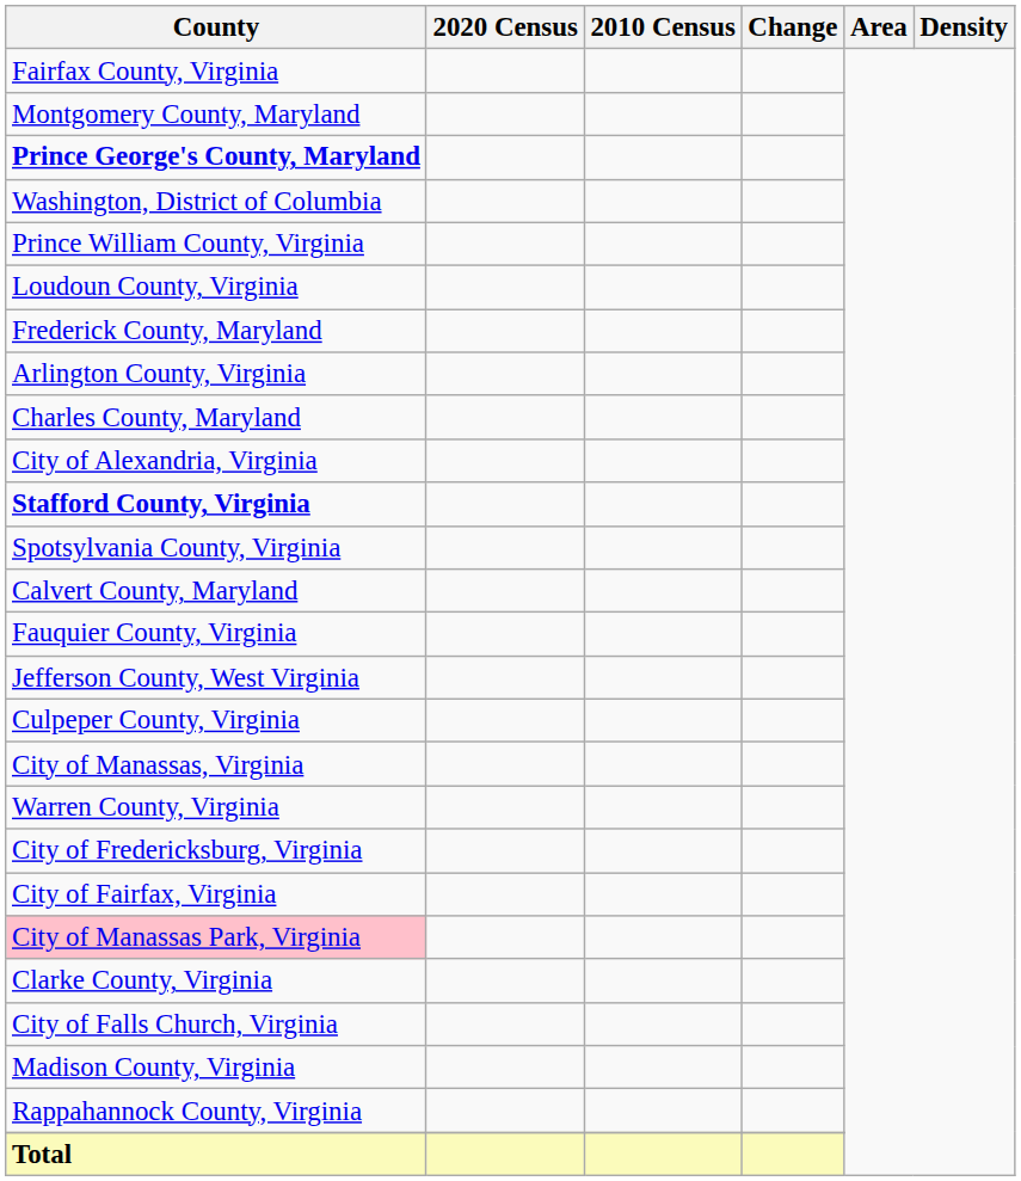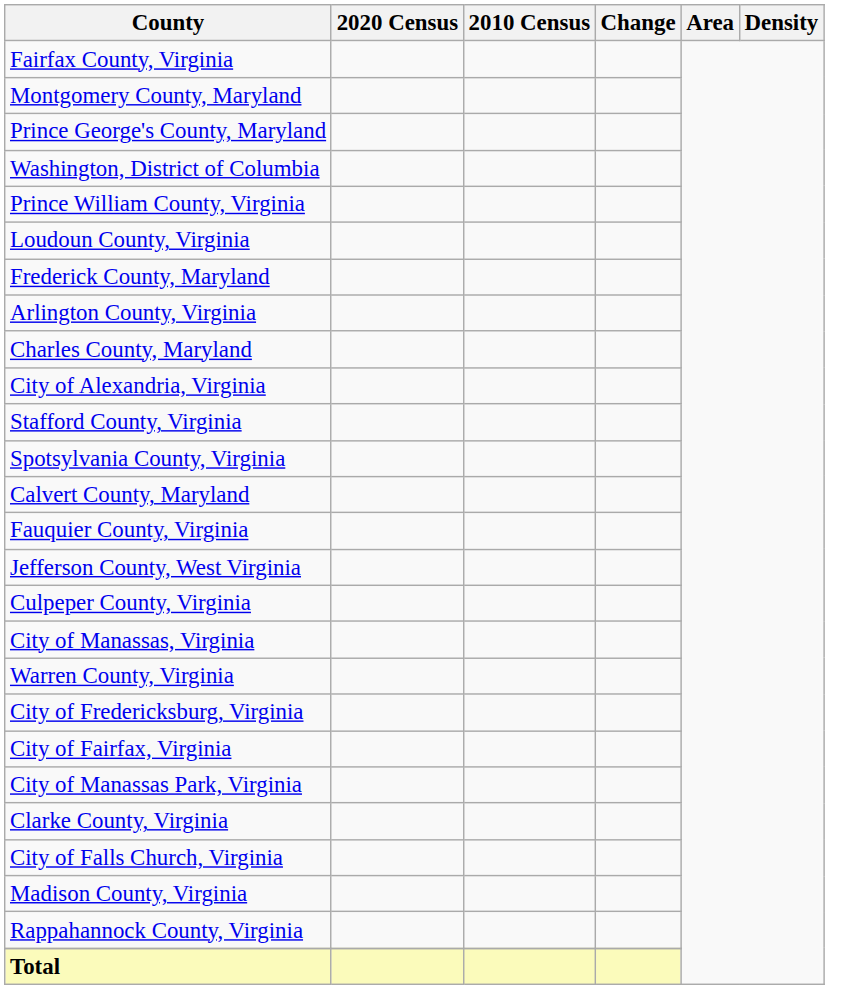 <table class="wikitable sortable">
 <tr>
 <th data-sort-type="text">County</th>
 <th data-sort-type="number">2020 Census</th>
 <th data-sort-type="number">2010 Census</th>
 <th data-sort-type="number">Change</th>
 <th data-sort-type="number">Area</th>
 <th data-sort-type="number">Density</th>
 </tr>
 <tr>
 <td><a href='#'>Fairfax County, Virginia</a></td>
 <td></td>
 <td></td>
 <td></td>
 </tr>
 <tr>
 <td><a href='#'>Montgomery County, Maryland</a></td>
 <td></td>
 <td></td>
 <td></td>
 </tr>
 <tr>
-<td><strong><a href='#'>Prince George's County, Maryland</a></strong></td>
+<td><a href='#'>Prince George's County, Maryland</a></td>
 <td></td>
 <td></td>
 <td></td>
 </tr>
 <tr>
 <td><a href='#'>Washington, District of Columbia</a></td>
 <td></td>
 <td></td>
 <td></td>
 </tr>
 <tr>
 <td><a href='#'>Prince William County, Virginia</a></td>
 <td></td>
 <td></td>
 <td></td>
 </tr>
 <tr>
 <td><a href='#'>Loudoun County, Virginia</a></td>
 <td></td>
 <td></td>
 <td></td>
 </tr>
 <tr>
 <td><a href='#'>Frederick County, Maryland</a></td>
 <td></td>
 <td></td>
 <td></td>
 </tr>
 <tr>
 <td><a href='#'>Arlington County, Virginia</a></td>
 <td></td>
 <td></td>
 <td></td>
 </tr>
 <tr>
 <td><a href='#'>Charles County, Maryland</a></td>
 <td></td>
 <td></td>
 <td></td>
 </tr>
 <tr>
 <td><a href='#'>City of Alexandria, Virginia</a></td>
 <td></td>
 <td></td>
 <td></td>
 </tr>
 <tr>
-<td><strong><a href='#'>Stafford County, Virginia</a></strong></td>
+<td><a href='#'>Stafford County, Virginia</a></td>
 <td></td>
 <td></td>
 <td></td>
 </tr>
 <tr>
 <td><a href='#'>Spotsylvania County, Virginia</a></td>
 <td></td>
 <td></td>
 <td></td>
 </tr>
 <tr>
 <td><a href='#'>Calvert County, Maryland</a></td>
 <td></td>
 <td></td>
 <td></td>
 </tr>
 <tr>
 <td><a href='#'>Fauquier County, Virginia</a></td>
 <td></td>
 <td></td>
 <td></td>
 </tr>
 <tr>
 <td><a href='#'>Jefferson County, West Virginia</a></td>
 <td></td>
 <td></td>
 <td></td>
 </tr>
 <tr>
 <td><a href='#'>Culpeper County, Virginia</a></td>
 <td></td>
 <td></td>
 <td></td>
 </tr>
 <tr>
 <td><a href='#'>City of Manassas, Virginia</a></td>
 <td></td>
 <td></td>
 <td></td>
 </tr>
 <tr>
 <td><a href='#'>Warren County, Virginia</a></td>
 <td></td>
 <td></td>
 <td></td>
 </tr>
 <tr>
 <td><a href='#'>City of Fredericksburg, Virginia</a></td>
 <td></td>
 <td></td>
 <td></td>
 </tr>
 <tr>
 <td><a href='#'>City of Fairfax, Virginia</a></td>
 <td></td>
 <td></td>
 <td></td>
 </tr>
 <tr>
-<td style="background: pink;"><a href='#'>City of Manassas Park, Virginia</a></td>
+<td><a href='#'>City of Manassas Park, Virginia</a></td>
 <td></td>
 <td></td>
 <td></td>
 </tr>
 <tr>
 <td><a href='#'>Clarke County, Virginia</a></td>
 <td></td>
 <td></td>
 <td></td>
 </tr>
 <tr>
 <td><a href='#'>City of Falls Church, Virginia</a></td>
 <td></td>
 <td></td>
 <td></td>
 </tr>
 <tr>
 <td><a href='#'>Madison County, Virginia</a></td>
 <td></td>
 <td></td>
 <td></td>
 </tr>
 <tr>
 <td><a href='#'>Rappahannock County, Virginia</a></td>
 <td></td>
 <td></td>
 <td></td>
 </tr>
 <tr>
 </tr>
 <tr class=sortbottom style="background:#fbfbbb">
 <td><strong>Total</strong></td>
 <td></td>
 <td></td>
 <td></td>
 </tr>
 </table>
